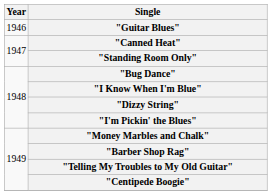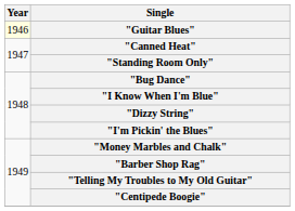 <table class="wikitable plainrowheaders">
 <tr>
 <th>Year</th>
 <th style="width:24em;">Single</th>
 </tr>
 <tr>
-<td>1946</td>
+<td style="background: lightyellow;">1946</td>
 <th scope="row">"Guitar Blues"</th>
 </tr>
 <tr>
 <td rowspan="2">1947</td>
 <th scope="row">"Canned Heat"</th>
 </tr>
 <tr>
 <th scope="row">"Standing Room Only"</th>
 </tr>
 <tr>
 <td rowspan="4">1948</td>
 <th scope="row">"Bug Dance"</th>
 </tr>
 <tr>
 <th scope="row">"I Know When I'm Blue"</th>
 </tr>
 <tr>
 <th scope="row">"Dizzy String"</th>
 </tr>
 <tr>
 <th scope="row">"I'm Pickin' the Blues"</th>
 </tr>
 <tr>
 <td rowspan="4">1949</td>
 <th scope="row">"Money Marbles and Chalk"</th>
 </tr>
 <tr>
 <th scope="row">"Barber Shop Rag"</th>
 </tr>
 <tr>
 <th scope="row">"Telling My Troubles to My Old Guitar"</th>
 </tr>
 <tr>
 <th scope="row">"Centipede Boogie"</th>
 </tr>
 <tr>
 </tr>
 </table>
